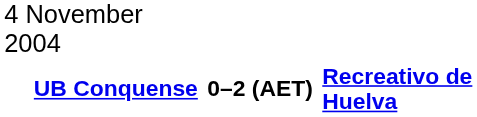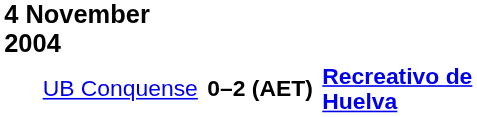 <table width=100% cellspacing=1>
 <tr>
 <th width=20%></th>
 <th width=12%></th>
 <th width=20%></th>
 <th></th>
 </tr>
 <tr>
-<td>4 November 2004</td>
+<td><strong>4 November 2004</strong></td>
 </tr>
 <tr style=font-size:90%>
-<td align=right><strong><a href='#'>UB Conquense</a></strong></td>
+<td align=right><a href='#'>UB Conquense</a></td>
 <td align=center><strong>0–2 (AET)</strong></td>
 <td><strong><a href='#'>Recreativo de Huelva</a></strong></td>
 </tr>
 </table>
